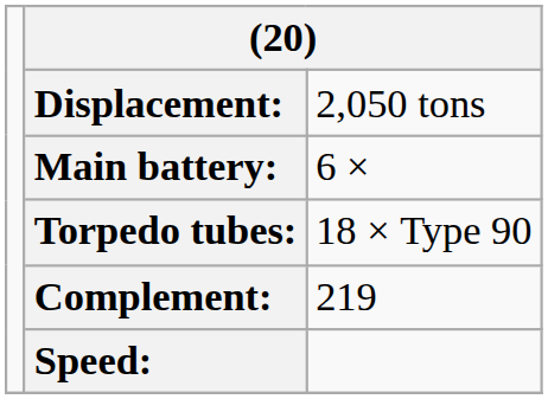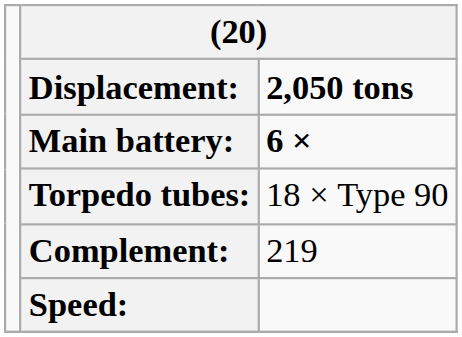 <table class="wikitable plainrowheaders" style="text-align:left">
 <tr valign="bottom">
 <td rowspan=6 style="text-align:center"></td>
 <th colspan=2 style="text-align:center"><strong></strong> (20)</th>
 </tr>
 <tr>
 <th style="text-align:left">Displacement:</th>
-<td>2,050 tons</td>
+<td><strong>2,050 tons</strong></td>
 </tr>
 <tr>
 <th style="text-align:left">Main battery:</th>
-<td>6 × </td>
+<td><strong>6 × </strong></td>
 </tr>
 <tr>
 <th style="text-align:left">Torpedo tubes:</th>
 <td>18 × Type 90</td>
 </tr>
 <tr>
 <th style="text-align:left">Complement:</th>
 <td>219</td>
 </tr>
 <tr>
 <th style="text-align:left">Speed:</th>
 <td></td>
 </tr>
 <tr>
 </tr>
 </table>
